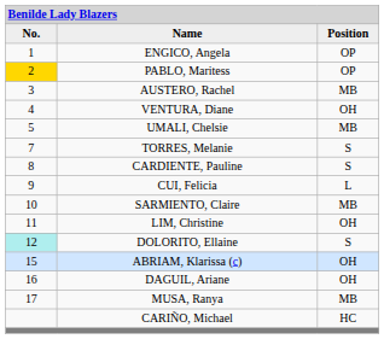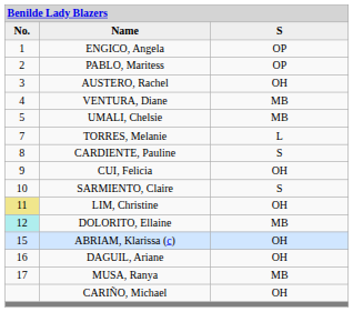 <table class='wikitable mw-collapsible mw-collapsed' style="text-align: center; width: 500px; border: none">
 <tr>
 <th style="background:#D4D4D4; text-align:left;" colspan=3><a href='#'>Benilde Lady Blazers</a></th>
 </tr>
 <tr style="background:#EEEEEE; font-weight:bold;">
 <td width=10%>No.</td>
 <td width=50%>Name</td>
-<td width=10%>Position</td>
+<td align=center>S</td>
 </tr>
 <tr>
 <td align=center>1</td>
 <td>ENGICO, Angela</td>
 <td align=center>OP</td>
 </tr>
 <tr>
-<td align=center style="background: gold;">2</td>
+<td align=center>2</td>
 <td>PABLO, Maritess</td>
 <td align=center>OP</td>
 </tr>
 <tr>
 <td align=center>3</td>
 <td>AUSTERO, Rachel</td>
-<td align=center>MB</td>
+<td align=center>OH</td>
 </tr>
 <tr>
 <td align=center>4</td>
 <td>VENTURA, Diane</td>
-<td align=center>OH</td>
+<td align=center>MB</td>
 </tr>
 <tr>
 <td align=center>5</td>
 <td>UMALI, Chelsie</td>
 <td align=center>MB</td>
 </tr>
 <tr>
 <td align=center>7</td>
 <td>TORRES, Melanie</td>
-<td align=center>S</td>
+<td align=center>L</td>
 </tr>
 <tr>
 <td align=center>8</td>
 <td>CARDIENTE, Pauline</td>
 <td align=center>S</td>
 </tr>
 <tr>
 <td align=center>9</td>
 <td>CUI, Felicia</td>
-<td align=center>L</td>
+<td align=center>OH</td>
 </tr>
 <tr>
 <td align=center>10</td>
 <td>SARMIENTO, Claire</td>
-<td align=center>MB</td>
+<td align=center>S</td>
 </tr>
 <tr>
-<td align=center>11</td>
+<td align=center style="background: khaki;">11</td>
 <td>LIM, Christine</td>
 <td align=center>OH</td>
 </tr>
 <tr>
 <td align=center style="background: paleturquoise;">12</td>
 <td>DOLORITO, Ellaine</td>
-<td align=center>S</td>
+<td align=center>MB</td>
 </tr>
 <tr style="background: #D0E6FF">
 <td align=center>15</td>
 <td>ABRIAM, Klarissa (<a href='#'>c</a>)</td>
 <td align=center>OH</td>
 </tr>
 <tr>
 <td align=center>16</td>
 <td>DAGUIL, Ariane</td>
 <td align=center>OH</td>
 </tr>
 <tr>
 <td align=center>17</td>
 <td>MUSA, Ranya</td>
 <td align=center>MB</td>
 </tr>
 <tr>
 <td align=center></td>
 <td>CARIÑO, Michael</td>
-<td align=center>HC</td>
+<td align=center>OH</td>
 </tr>
 <tr>
 <th style='background: grey;' colspan=3></th>
 </tr>
 </table>
